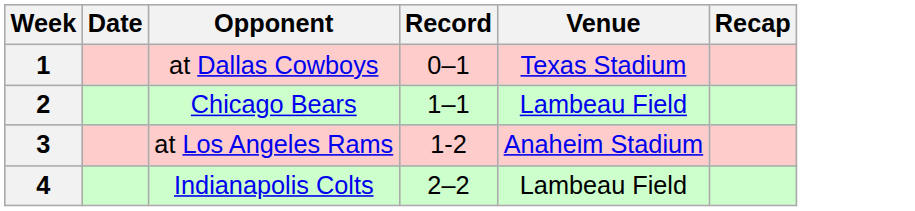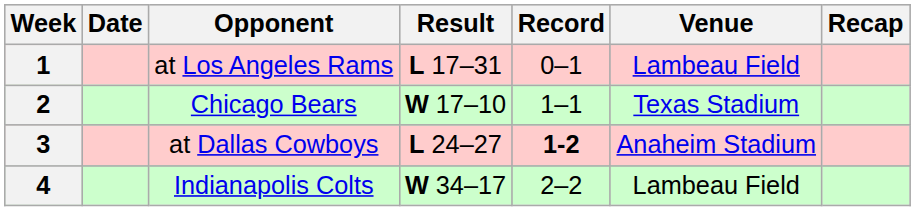 <table class="wikitable" style="text-align:center">
 <tr>
 <th>Week</th>
 <th>Date</th>
 <th>Opponent</th>
+<th>Result</th>
 <th>Record</th>
 <th>Venue</th>
 <th>Recap</th>
 </tr>
 <tr style="background:#fcc">
 <th>1</th>
 <td></td>
-<td>at <a href='#'>Dallas Cowboys</a></td>
+<td>at <a href='#'>Los Angeles Rams</a></td>
+<td><strong>L</strong> 17–31</td>
 <td>0–1</td>
-<td><a href='#'>Texas Stadium</a></td>
+<td><a href='#'>Lambeau Field</a></td>
 <td></td>
 </tr>
 <tr style="background:#cfc">
 <th>2</th>
 <td></td>
 <td><a href='#'>Chicago Bears</a></td>
+<td><strong>W</strong> 17–10</td>
 <td>1–1</td>
-<td><a href='#'>Lambeau Field</a></td>
+<td><a href='#'>Texas Stadium</a></td>
 <td></td>
 </tr>
 <tr style="background:#fcc">
 <th>3</th>
 <td></td>
-<td>at <a href='#'>Los Angeles Rams</a></td>
-<td>1-2</td>
+<td>at <a href='#'>Dallas Cowboys</a></td>
+<td><strong>L</strong> 24–27</td>
+<td><strong>1-2</strong></td>
 <td><a href='#'>Anaheim Stadium</a></td>
 <td></td>
 </tr>
 <tr style="background:#cfc">
 <th>4</th>
 <td></td>
 <td><a href='#'>Indianapolis Colts</a></td>
+<td><strong>W</strong> 34–17</td>
 <td>2–2</td>
 <td>Lambeau Field</td>
 <td></td>
 </tr>
 </table>
